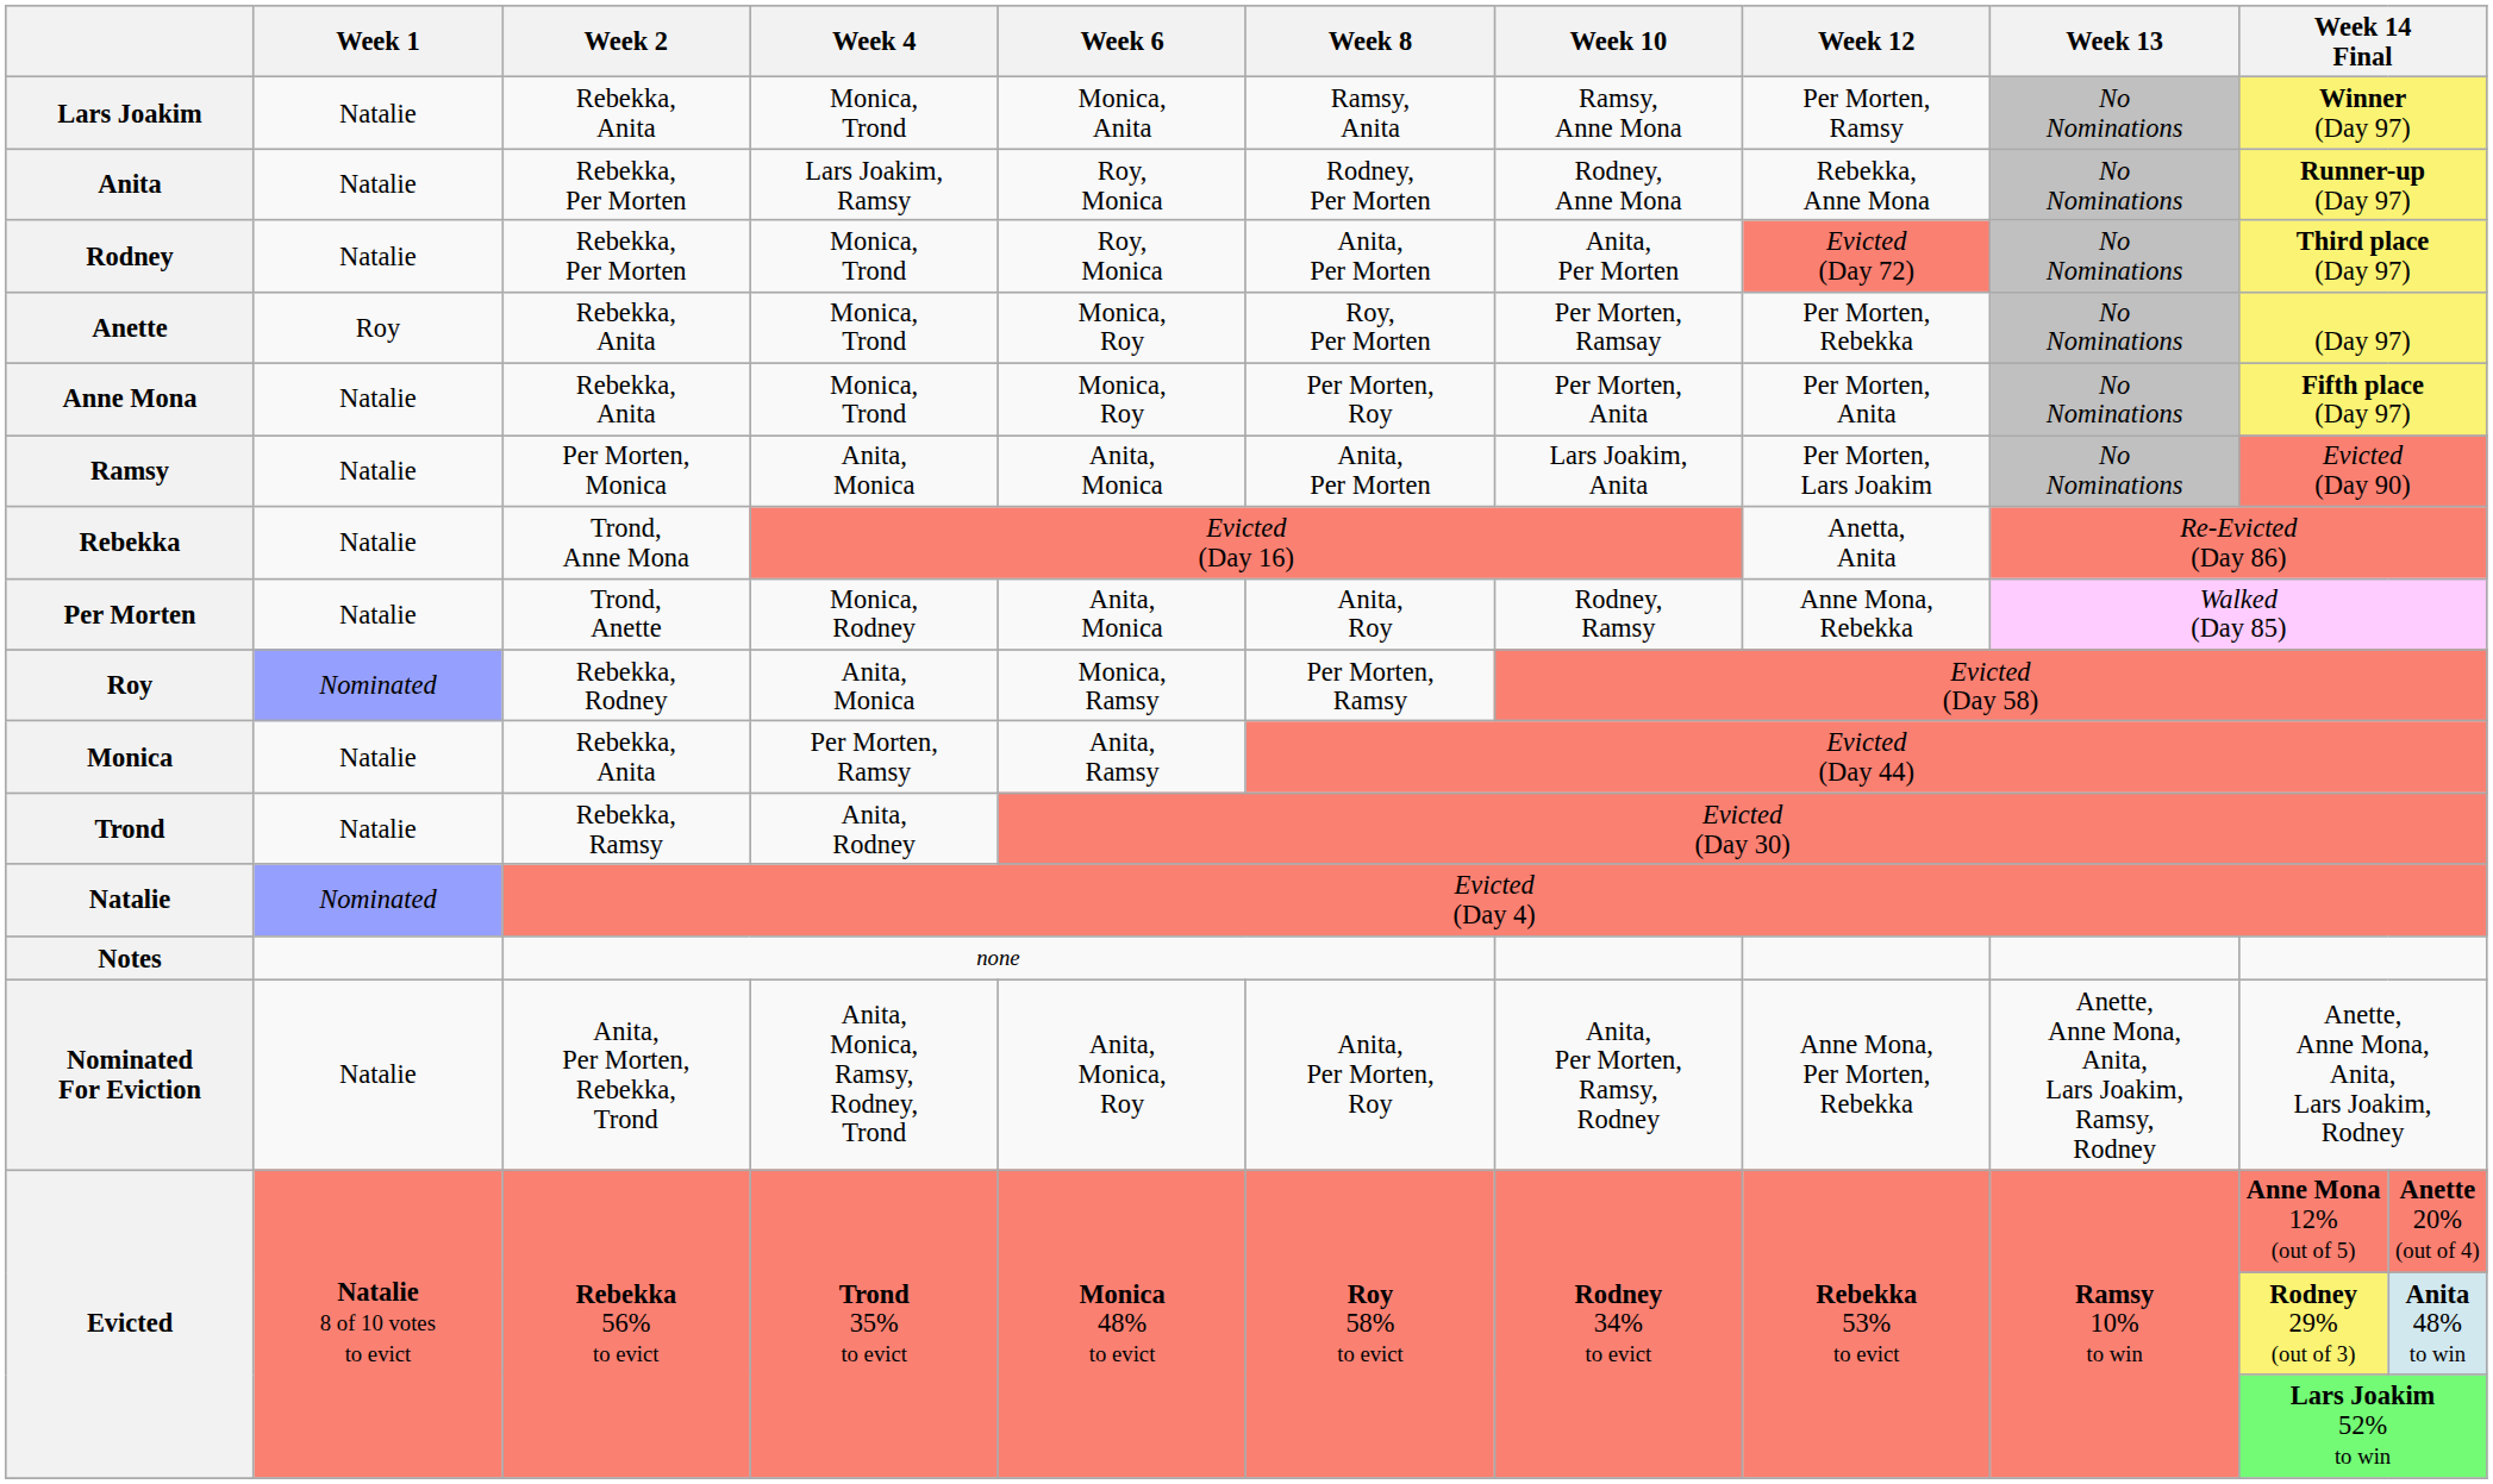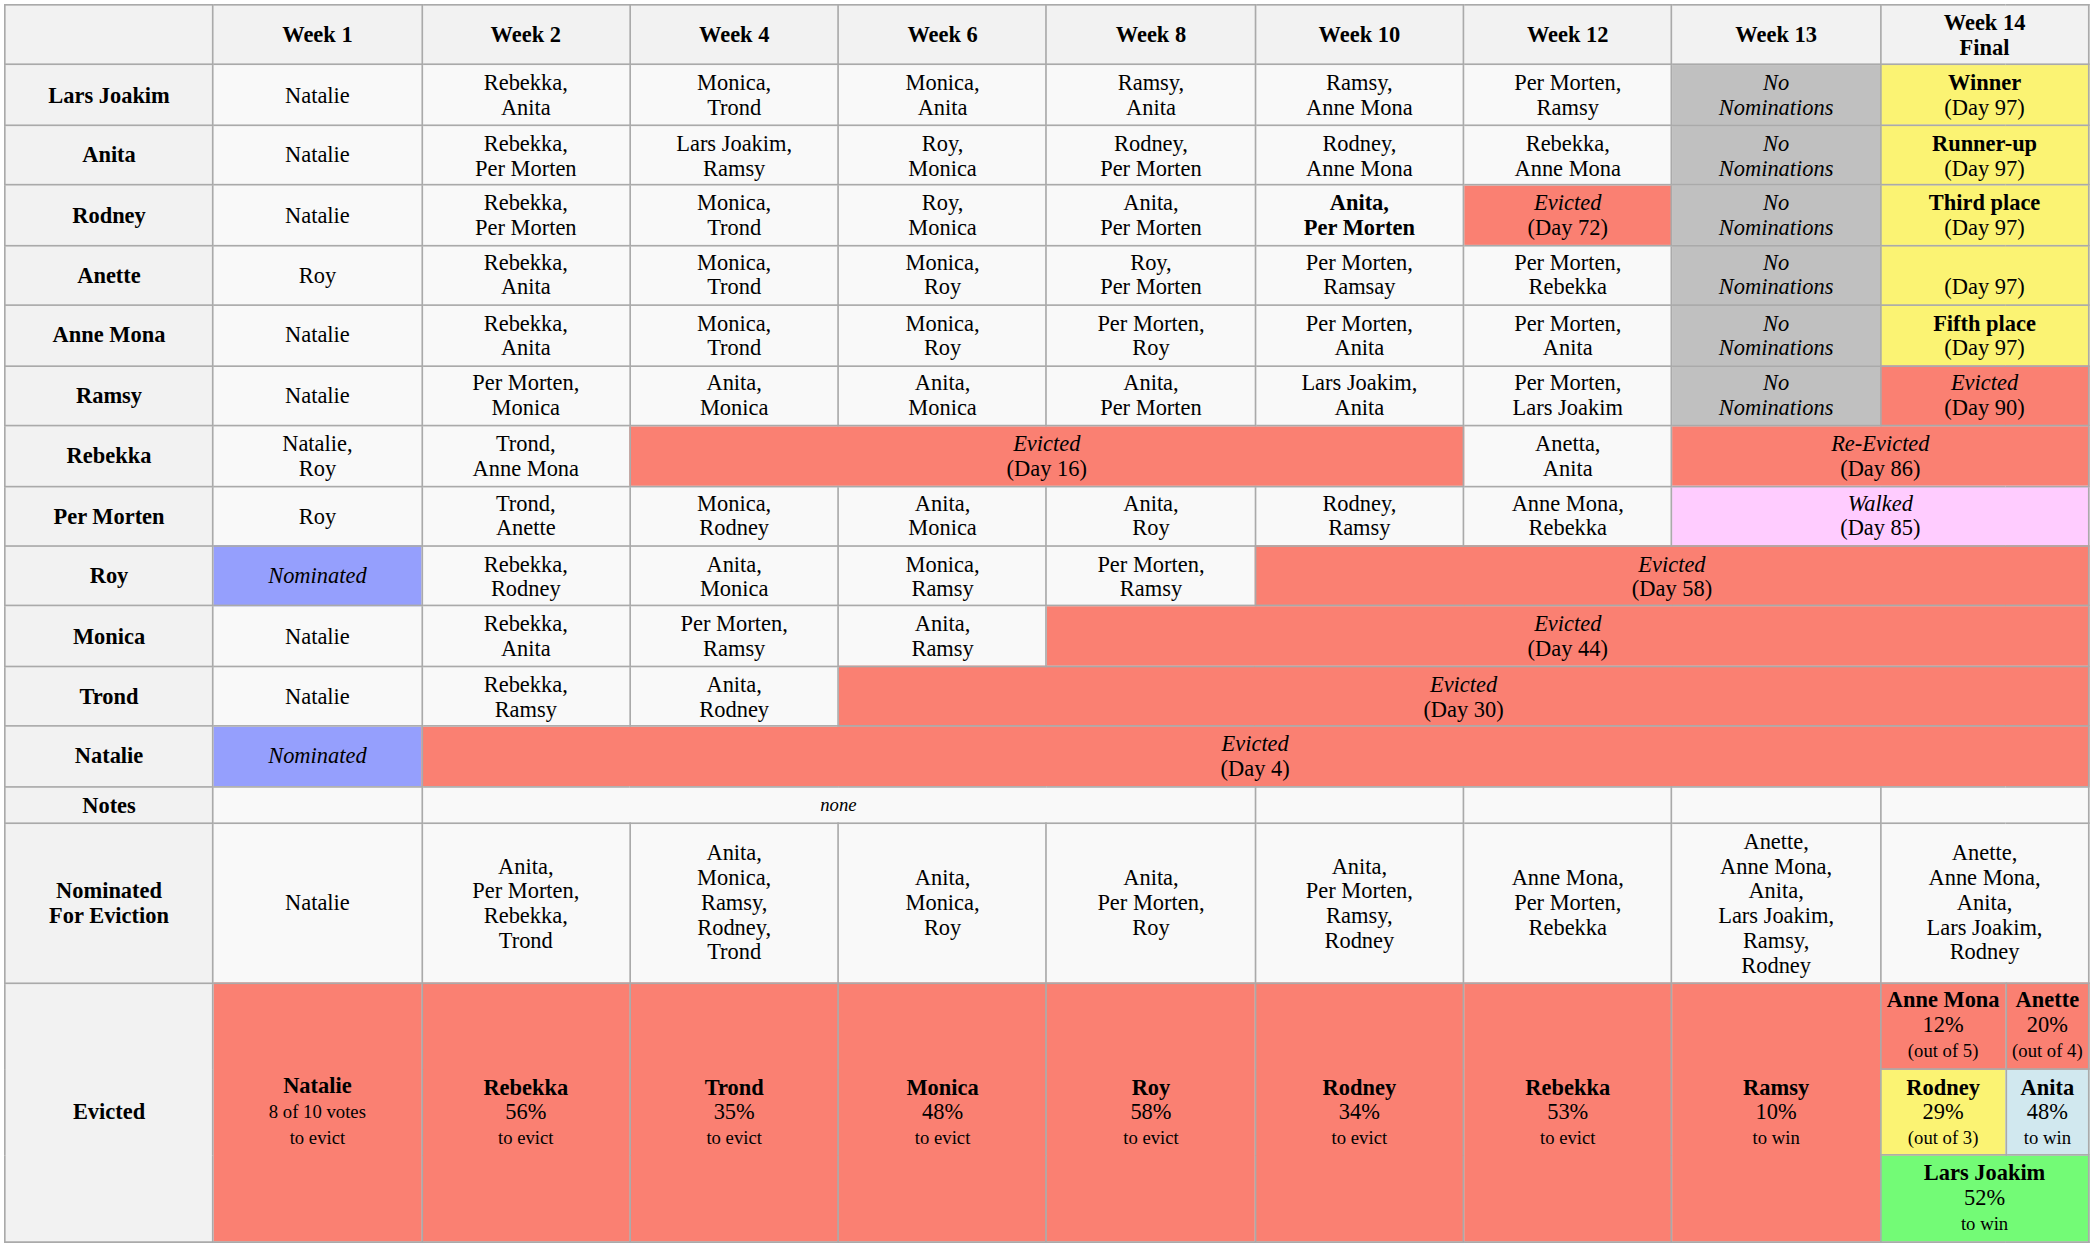 <table class="wikitable" style="text-align:center; font-size:85%; line-height:15px; width:100%">
 <tr>
 <th style="width:10%"></th>
 <th style="width:10%">Week 1</th>
 <th style="width:10%">Week 2</th>
 <th style="width:10%">Week 4</th>
 <th style="width:10%">Week 6</th>
 <th style="width:10%">Week 8</th>
 <th style="width:10%">Week 10</th>
 <th style="width:10%">Week 12</th>
 <th style="width:10%">Week 13</th>
 <th style="width:10%" colspan=2>Week 14<br>Final</th>
 </tr>
 <tr>
 <th>Lars Joakim</th>
 <td>Natalie</td>
 <td>Rebekka,<br>Anita</td>
 <td>Monica,<br>Trond</td>
 <td>Monica,<br>Anita</td>
 <td>Ramsy,<br>Anita</td>
 <td>Ramsy,<br>Anne Mona</td>
 <td>Per Morten,<br>Ramsy</td>
 <td style="background:#C0C0C0"><em>No<br>Nominations</em></td>
 <td colspan=2 style="background:#FBF373;"><strong>Winner</strong><br>(Day 97)</td>
 </tr>
 <tr>
 <th>Anita</th>
 <td>Natalie</td>
 <td>Rebekka,<br>Per Morten</td>
 <td>Lars Joakim,<br>Ramsy</td>
 <td>Roy,<br>Monica</td>
 <td>Rodney,<br>Per Morten</td>
 <td>Rodney,<br>Anne Mona</td>
 <td>Rebekka,<br>Anne Mona</td>
 <td style="background:#C0C0C0"><em>No<br>Nominations</em></td>
 <td colspan=2 style="background:#FBF373;"><strong>Runner-up</strong><br>(Day 97)</td>
 </tr>
 <tr>
 <th>Rodney</th>
 <td>Natalie</td>
 <td>Rebekka,<br>Per Morten</td>
 <td>Monica,<br>Trond</td>
 <td>Roy,<br>Monica</td>
 <td>Anita,<br>Per Morten</td>
-<td>Anita,<br>Per Morten</td>
+<td><strong>Anita,<br>Per Morten</strong></td>
 <td style="background:#FA8072"><em>Evicted</em><br>(Day 72)</td>
 <td style="background:#C0C0C0"><em>No<br>Nominations</em></td>
 <td colspan=2 style="background:#FBF373;"><strong>Third place</strong><br>(Day 97)</td>
 </tr>
 <tr>
 <th>Anette</th>
 <td>Roy</td>
 <td>Rebekka,<br>Anita</td>
 <td>Monica,<br>Trond</td>
 <td>Monica,<br>Roy</td>
 <td>Roy,<br>Per Morten</td>
 <td>Per Morten,<br>Ramsay</td>
 <td>Per Morten,<br>Rebekka</td>
 <td style="background:#C0C0C0"><em>No<br>Nominations</em></td>
 <td colspan=2 style="background:#FBF373;"><strong></strong><br>(Day 97)</td>
 </tr>
 <tr>
 <th>Anne Mona</th>
 <td>Natalie</td>
 <td>Rebekka,<br>Anita</td>
 <td>Monica,<br>Trond</td>
 <td>Monica,<br>Roy</td>
 <td>Per Morten,<br>Roy</td>
 <td>Per Morten,<br>Anita</td>
 <td>Per Morten,<br>Anita</td>
 <td style="background:#C0C0C0"><em>No<br>Nominations</em></td>
 <td colspan=2 style="background:#FBF373;"><strong>Fifth place</strong><br>(Day 97)</td>
 </tr>
 <tr>
 <th>Ramsy</th>
 <td>Natalie</td>
 <td>Per Morten,<br>Monica</td>
 <td>Anita,<br>Monica</td>
 <td>Anita,<br>Monica</td>
 <td>Anita,<br>Per Morten</td>
 <td>Lars Joakim,<br>Anita</td>
 <td>Per Morten,<br>Lars Joakim</td>
 <td style="background:#C0C0C0"><em>No<br>Nominations</em></td>
 <td style="background:#FA8072" colspan=2><em>Evicted</em><br>(Day 90)</td>
 </tr>
 <tr>
 <th>Rebekka</th>
-<td>Natalie</td>
+<td>Natalie,<br>Roy</td>
 <td>Trond,<br>Anne Mona</td>
 <td style="background:#FA8072" colspan=4><em>Evicted</em><br>(Day 16)</td>
 <td>Anetta,<br>Anita</td>
 <td style="background:#FA8072" colspan=3><em>Re-Evicted</em><br>(Day 86)</td>
 </tr>
 <tr>
 <th>Per Morten</th>
-<td>Natalie</td>
+<td>Roy</td>
 <td>Trond,<br>Anette</td>
 <td>Monica,<br>Rodney</td>
 <td>Anita,<br>Monica</td>
 <td>Anita,<br>Roy</td>
 <td>Rodney,<br>Ramsy</td>
 <td>Anne Mona,<br>Rebekka</td>
 <td style="background:#FFCCFF" colspan=3><em>Walked</em><br>(Day 85)</td>
 </tr>
 <tr>
 <th>Roy</th>
 <td style="background:#959FFD"><em>Nominated</em></td>
 <td>Rebekka,<br>Rodney</td>
 <td>Anita,<br>Monica</td>
 <td>Monica,<br>Ramsy</td>
 <td>Per Morten,<br>Ramsy</td>
 <td style="background:#FA8072" colspan=5><em>Evicted</em><br>(Day 58)</td>
 </tr>
 <tr>
 <th>Monica</th>
 <td>Natalie</td>
 <td>Rebekka,<br>Anita</td>
 <td>Per Morten,<br>Ramsy</td>
 <td>Anita,<br>Ramsy</td>
 <td style="background:#FA8072" colspan=6><em>Evicted</em><br>(Day 44)</td>
 </tr>
 <tr>
 <th>Trond</th>
 <td>Natalie</td>
 <td>Rebekka,<br>Ramsy</td>
 <td>Anita,<br>Rodney</td>
 <td style="background:#FA8072" colspan=7><em>Evicted</em><br>(Day 30)</td>
 </tr>
 <tr>
 <th>Natalie</th>
 <td style="background:#959FFD"><em>Nominated</em></td>
 <td style="background:#FA8072" colspan=9><em>Evicted</em><br>(Day 4)</td>
 </tr>
 <tr>
 <th>Notes</th>
 <td></td>
 <td colspan=4><small><em>none</em></small></td>
 <td></td>
 <td></td>
 <td></td>
 <td colspan=2></td>
 </tr>
 <tr>
 <th>Nominated<br>For Eviction</th>
 <td>Natalie</td>
 <td>Anita,<br>Per Morten,<br>Rebekka,<br>Trond</td>
 <td>Anita,<br>Monica,<br>Ramsy,<br>Rodney,<br>Trond</td>
 <td>Anita,<br>Monica,<br>Roy</td>
 <td>Anita,<br>Per Morten,<br>Roy</td>
 <td>Anita,<br>Per Morten,<br>Ramsy,<br>Rodney</td>
 <td>Anne Mona,<br>Per Morten,<br>Rebekka</td>
 <td>Anette,<br>Anne Mona,<br>Anita,<br>Lars Joakim,<br>Ramsy,<br>Rodney</td>
 <td colspan=2>Anette,<br>Anne Mona,<br>Anita,<br>Lars Joakim, <br>Rodney</td>
 </tr>
 <tr>
 <th rowspan=3>Evicted</th>
 <td style="background:#FA8072" rowspan=3><strong>Natalie</strong><br><small>8 of 10 votes<br>to evict</small></td>
 <td style="background:#FA8072" rowspan=3><strong>Rebekka</strong><br>56%<br><small>to evict</small></td>
 <td style="background:#FA8072" rowspan=3><strong>Trond</strong><br>35%<br><small>to evict</small></td>
 <td style="background:#FA8072" rowspan=3><strong>Monica</strong><br>48%<br><small>to evict</small></td>
 <td style="background:#FA8072" rowspan=3><strong>Roy</strong><br>58%<br><small>to evict</small></td>
 <td style="background:#FA8072" rowspan=3><strong>Rodney</strong><br>34%<br><small>to evict</small></td>
 <td style="background:#FA8072" rowspan=3><strong>Rebekka</strong><br>53%<br><small>to evict</small></td>
 <td style="background:#FA8072" rowspan=3><strong>Ramsy</strong><br>10%<br><small>to win</small></td>
 <td style="background:#FA8072"><strong>Anne Mona</strong><br>12%<br><small>(out of 5)</small></td>
 <td style="background:#FA8072"><strong>Anette</strong><br>20%<br><small>(out of 4)</small></td>
 </tr>
 <tr>
 <td style="background:#FBF373"><strong>Rodney</strong><br>29%<br><small>(out of 3)</small></td>
 <td style="background:#D1E8EF"><strong>Anita</strong><br>48%<br><small>to win</small></td>
 </tr>
 <tr>
 <td style="background:#73FB76" colspan=2><strong>Lars Joakim</strong><br>52%<br><small>to win</small></td>
 </tr>
 <tr>
 </tr>
 </table>
